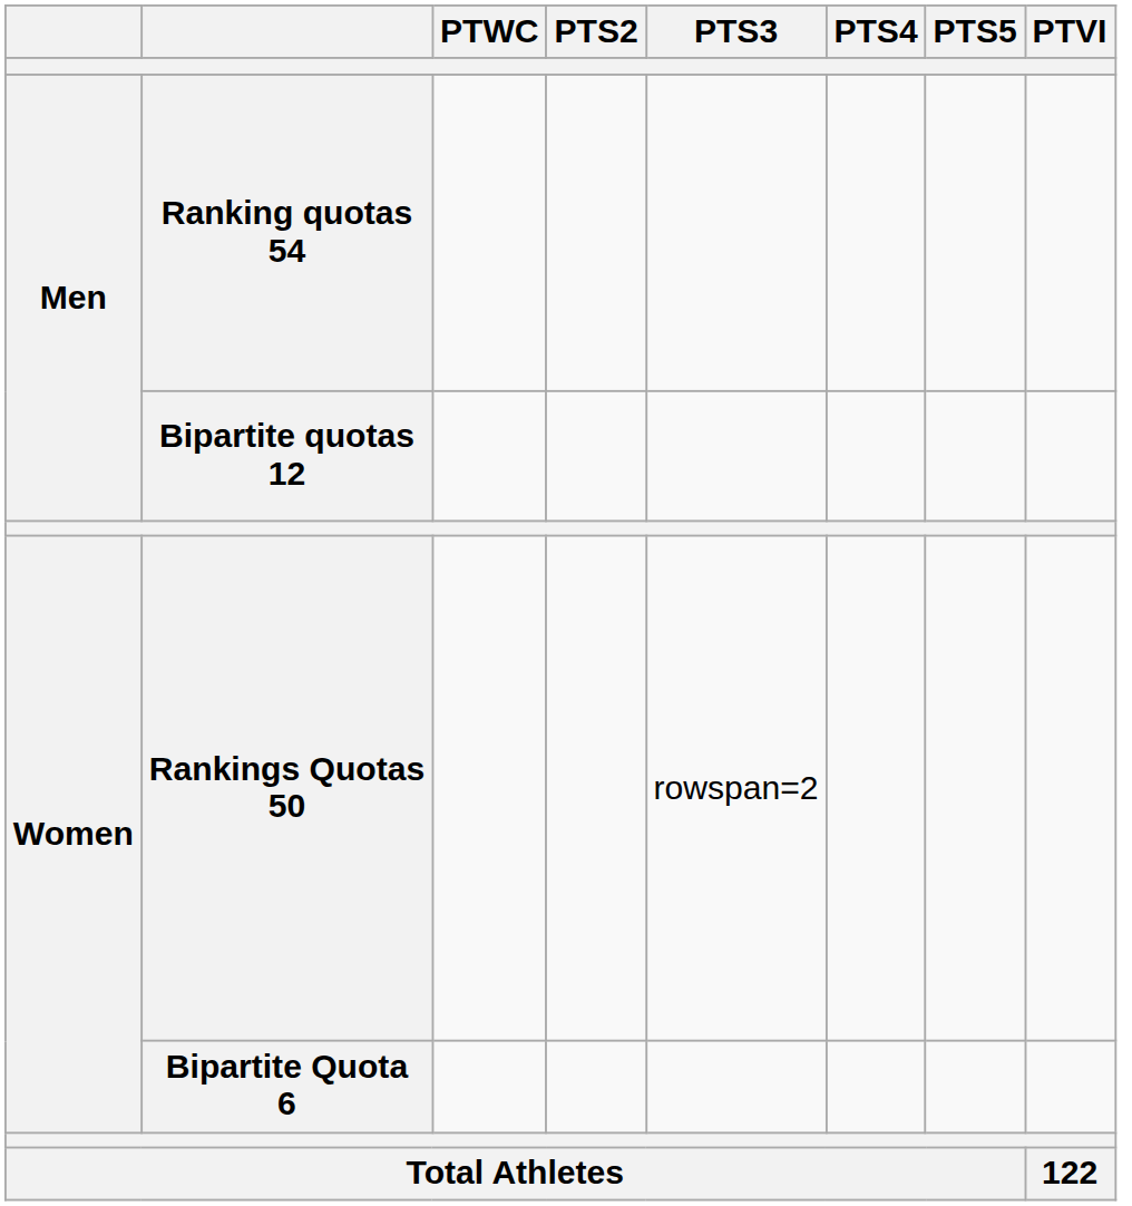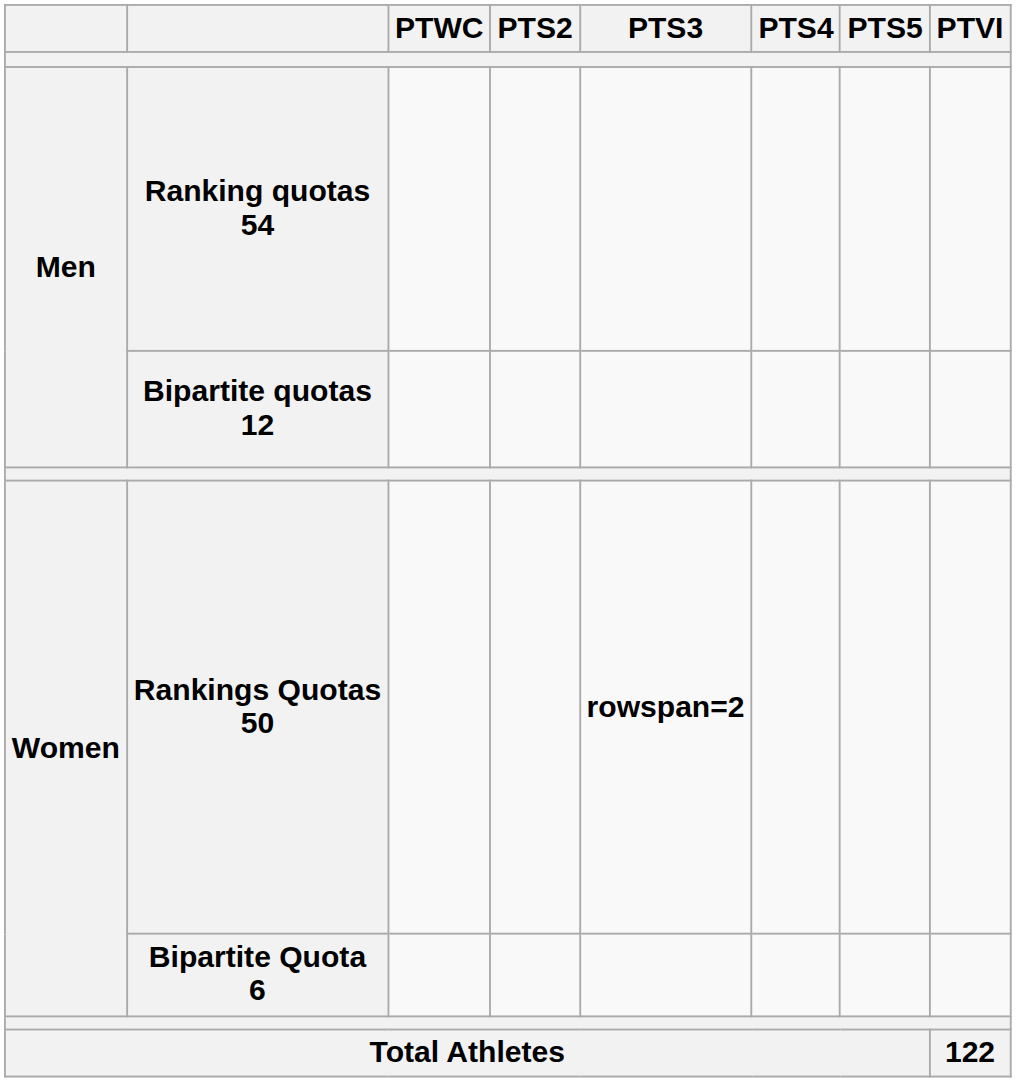 <table class=wikitable>
 <tr>
 <th></th>
 <th></th>
 <th>PTWC</th>
 <th>PTS2</th>
 <th>PTS3</th>
 <th>PTS4</th>
 <th>PTS5</th>
 <th>PTVI</th>
 </tr>
 <tr>
 <th colspan="8"></th>
 </tr>
 <tr align=center>
 <th rowspan="2">Men</th>
 <th>Ranking quotas<br>54</th>
 <td align="left" valign="top"><br><br><br><br><br><br><br><br></td>
 <td align="left" valign="top"><br><br><br><br><br><br><br><br></td>
 <td align="left" valign="top"><br><br><br><br><br><br><br><br></td>
 <td align="left" valign="top"><br><br><br><br><br><br><br><br></td>
 <td align="left" valign="top"><br><br><br><br><br><br><br><br></td>
 <td align="left" valign="top"><br><br><br><br><br><br><br><br></td>
 </tr>
 <tr>
 <th>Bipartite quotas<br>12</th>
 <td align="left" valign="top"></td>
 <td align="left" valign="top"></td>
 <td align="left" valign="top"><br></td>
 <td align="left" valign="top"><br><br><br></td>
 <td align="left" valign="top"></td>
 <td align="left" valign="top"><br><br></td>
 </tr>
 <tr>
 <th colspan="8"></th>
 </tr>
 <tr align="center">
 <th rowspan="2">Women</th>
 <th>Rankings Quotas<br>50</th>
 <td align="left" valign="top"><br><br><br><br><br><br><br><br></td>
 <td align="left" valign="top"><br><br><br><br><br><br><br><br></td>
-<td>rowspan=2 </td>
+<td><strong>rowspan=2 </strong></td>
 <td align="left" valign="top"><br><br><br><br><br><br><br><br><br><br><br><br><br></td>
 <td align="left" valign="top"><br><br><br><br><br><br><br><br></td>
 <td align="left" valign="top"><br><br><br><br><br><br><br><br></td>
 </tr>
 <tr>
 <th>Bipartite Quota<br>6</th>
 <td align="left" valign="top"></td>
 <td align="left" valign="top"></td>
 <td align="left" valign="top"><br></td>
 <td align="left" valign="top"></td>
 <td align="left" valign="top"><br></td>
 </tr>
 <tr>
 <th colspan="8"></th>
 </tr>
 <tr>
 <th colspan="7">Total Athletes</th>
 <th>122</th>
 </tr>
 </table>
